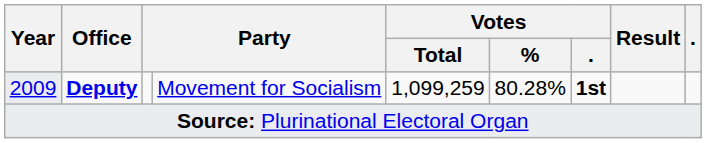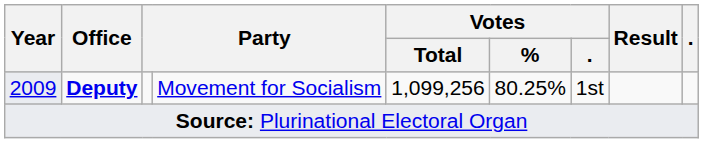 <table class="wikitable" style="font-size: 90%; text-align:center;">
 <tr>
 <th rowspan=2>Year</th>
 <th rowspan=2>Office</th>
 <th colspan=2 rowspan=2>Party</th>
 <th colspan=3>Votes</th>
 <th rowspan=2>Result</th>
 <th rowspan=2>.</th>
 </tr>
 <tr>
 <th>Total</th>
 <th>%</th>
 <th>.</th>
 </tr>
 <tr>
 <td style="background-color:#EAECF0;"><a href='#'>2009</a></td>
 <td><strong><a href='#'>Deputy</a></strong></td>
 <td style="background-color:"></td>
 <td><a href='#'>Movement for Socialism</a></td>
-<td>1,099,259</td>
-<td>80.28%</td>
-<td><strong>1st</strong></td>
+<td>1,099,256</td>
+<td>80.25%</td>
+<td>1st</td>
 <td></td>
 <td></td>
 </tr>
 <tr>
 <td style="background-color:#EAECF0;" colspan=9><strong>Source:</strong> <a href='#'>Plurinational Electoral Organ</a>  </td>
 </tr>
 </table>
